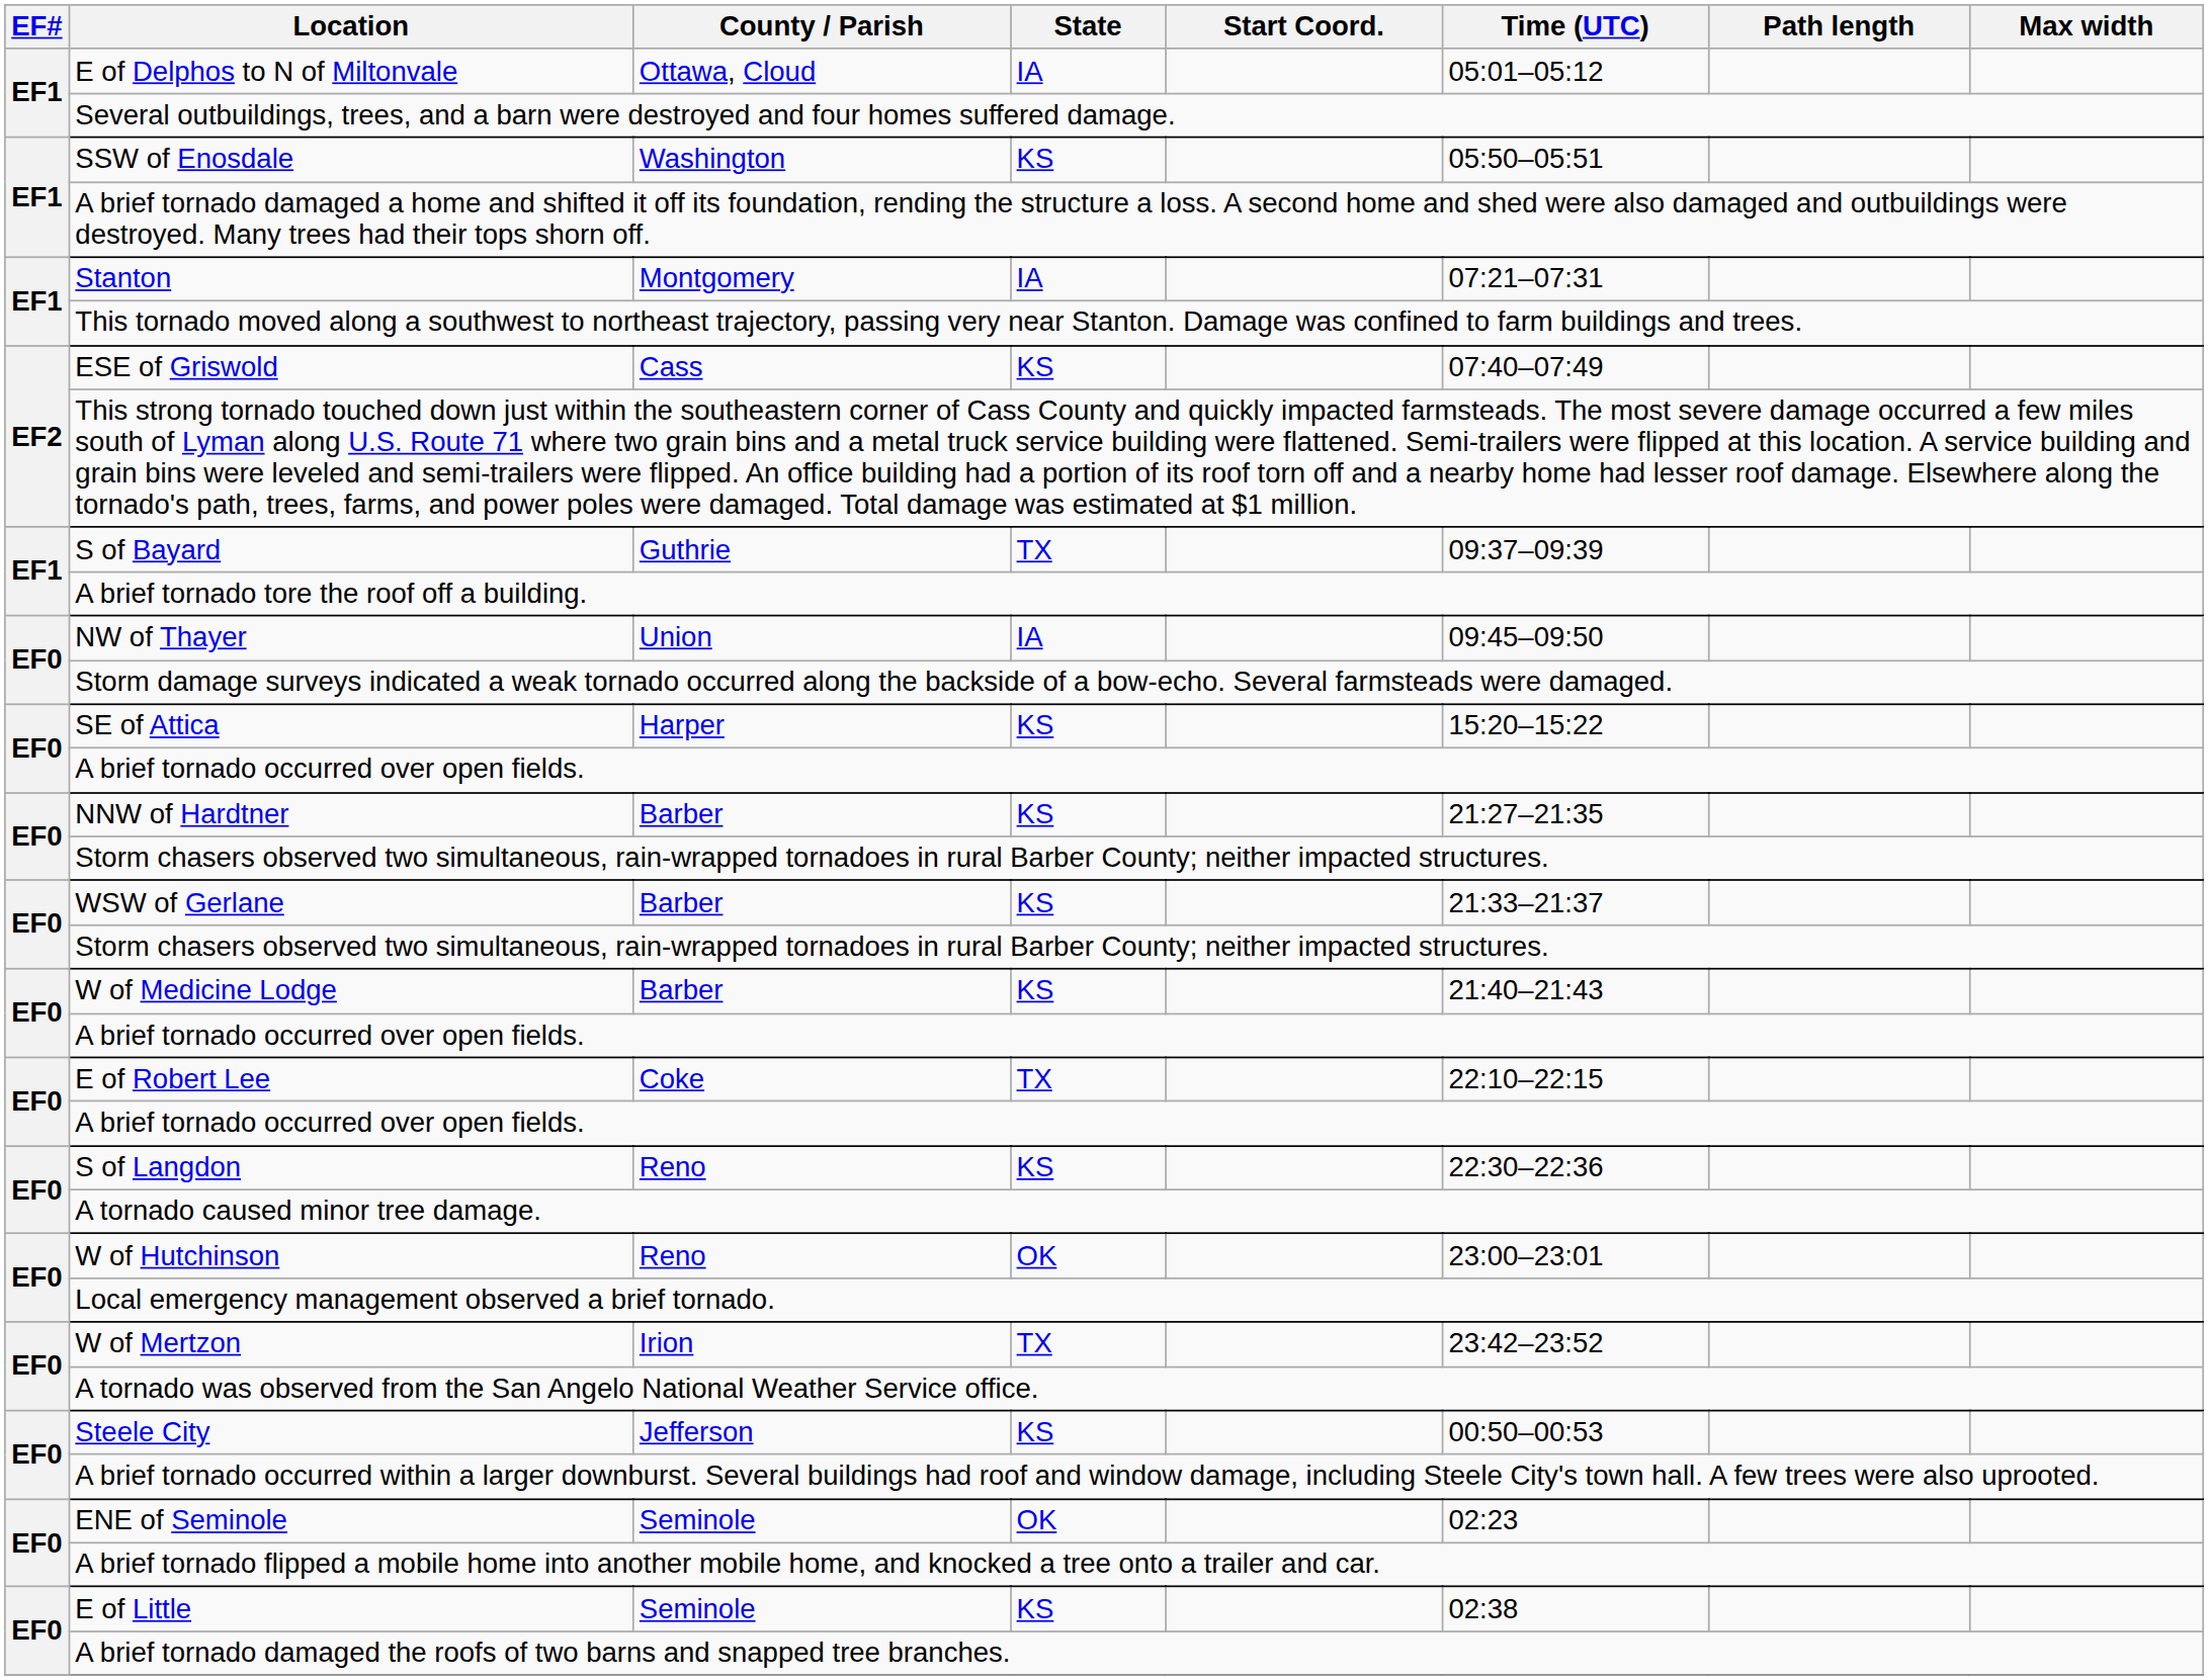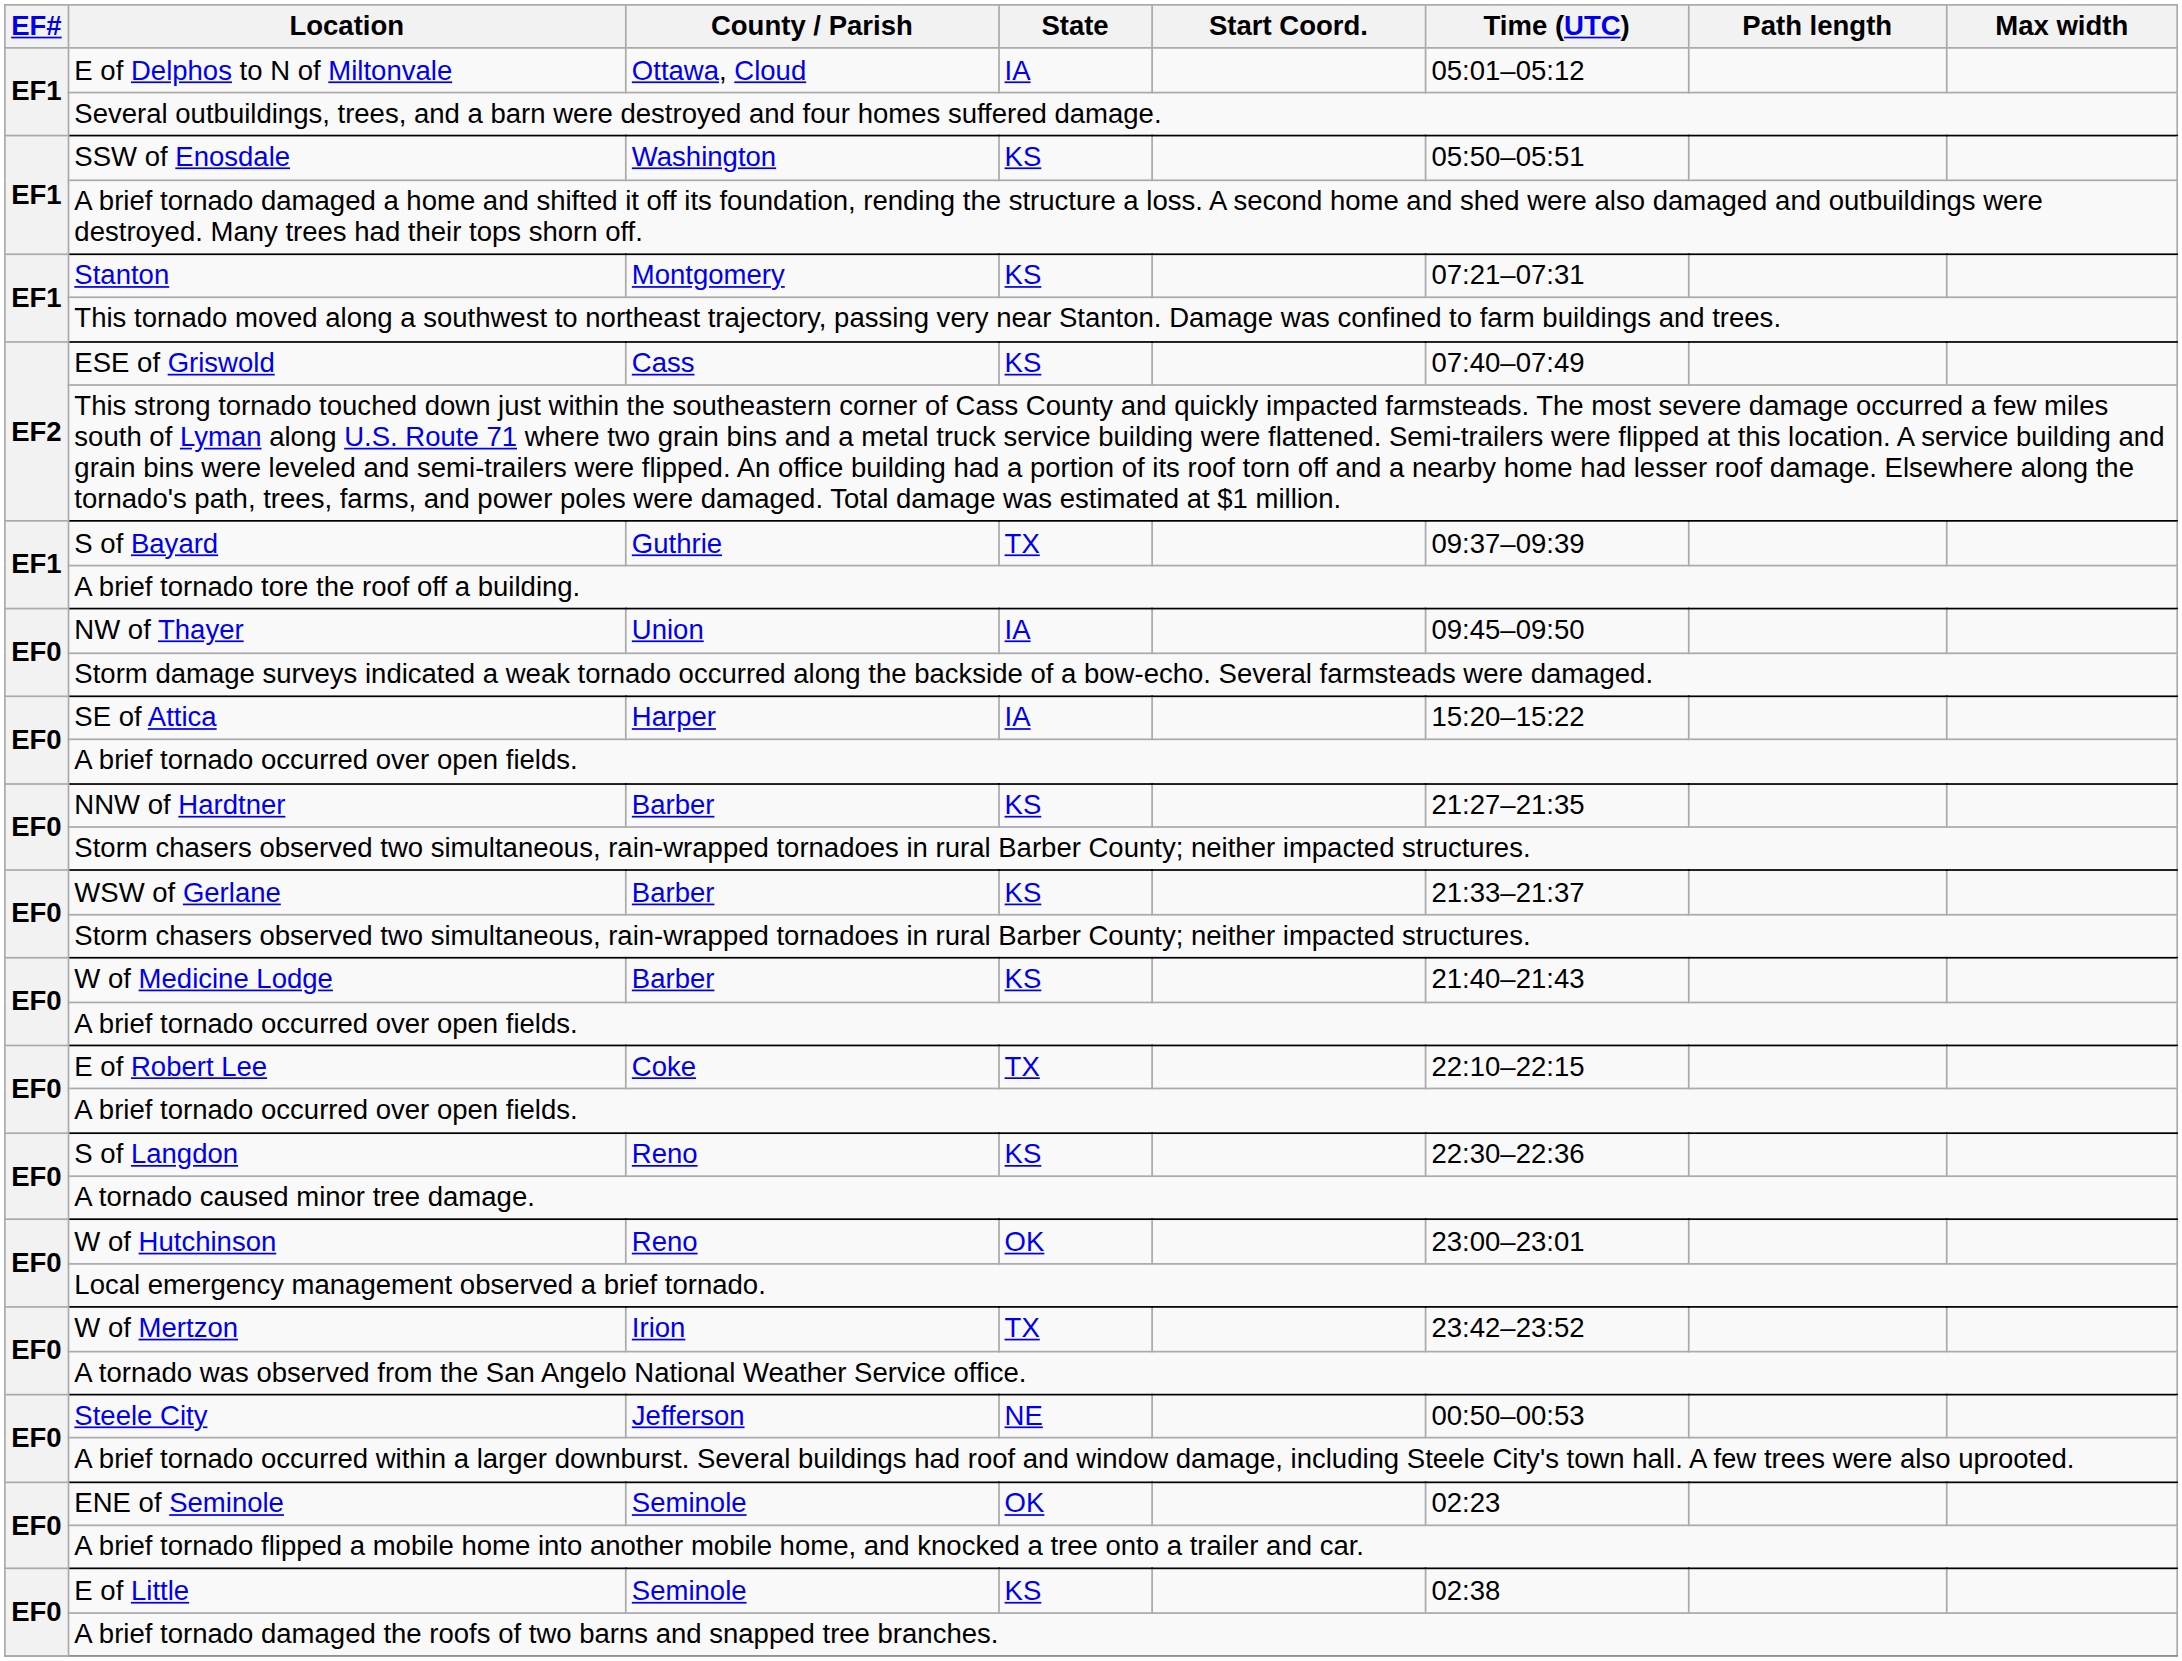 <table class="wikitable sortable" style="width:100%;">
 <tr>
 <th scope="col" width="2%" align="center"><a href='#'>EF#</a></th>
 <th scope="col" align="center" class="unsortable">Location</th>
 <th scope="col" align="center" class="unsortable">County / Parish</th>
 <th scope="col" align="center">State</th>
 <th scope="col" align="center">Start Coord.</th>
 <th scope="col" align="center">Time (<a href='#'>UTC</a>)</th>
 <th scope="col" align="center">Path length</th>
 <th scope="col" align="center">Max width</th>
 </tr>
 <tr>
 <th scope="row" rowspan="2" style="background-color:#">EF1</th>
 <td>E of <a href='#'>Delphos</a> to N of <a href='#'>Miltonvale</a></td>
 <td><a href='#'>Ottawa</a>, <a href='#'>Cloud</a></td>
 <td><a href='#'>IA</a></td>
 <td></td>
 <td>05:01–05:12</td>
 <td></td>
 <td></td>
 </tr>
 <tr class="expand-child">
 <td colspan="8" style="border-bottom: 1px solid black">Several outbuildings, trees, and a barn were destroyed and four homes suffered damage.</td>
 </tr>
 <tr>
 <th scope="row" rowspan="2" style="background-color:#">EF1</th>
 <td>SSW of <a href='#'>Enosdale</a></td>
 <td><a href='#'>Washington</a></td>
 <td><a href='#'>KS</a></td>
 <td></td>
 <td>05:50–05:51</td>
 <td></td>
 <td></td>
 </tr>
 <tr class="expand-child">
 <td colspan="8" style="border-bottom: 1px solid black">A brief tornado damaged a home and shifted it off its foundation, rending the structure a loss. A second home and shed were also damaged and outbuildings were destroyed. Many trees had their tops shorn off.</td>
 </tr>
 <tr>
 <th scope="row" rowspan="2" style="background-color:#">EF1</th>
 <td><a href='#'>Stanton</a></td>
 <td><a href='#'>Montgomery</a></td>
-<td><a href='#'>IA</a></td>
+<td><a href='#'>KS</a></td>
 <td></td>
 <td>07:21–07:31</td>
 <td></td>
 <td></td>
 </tr>
 <tr class="expand-child">
 <td colspan="8" style="border-bottom: 1px solid black">This tornado moved along a southwest to northeast trajectory, passing very near Stanton. Damage was confined to farm buildings and trees.</td>
 </tr>
 <tr>
 <th scope="row" rowspan="2" style="background-color:#">EF2</th>
 <td>ESE of <a href='#'>Griswold</a></td>
 <td><a href='#'>Cass</a></td>
 <td><a href='#'>KS</a></td>
 <td></td>
 <td>07:40–07:49</td>
 <td></td>
 <td></td>
 </tr>
 <tr class="expand-child">
 <td colspan="8" style="border-bottom: 1px solid black">This strong tornado touched down just within the southeastern corner of Cass County and quickly impacted farmsteads. The most severe damage occurred a few miles south of <a href='#'>Lyman</a> along <a href='#'>U.S. Route 71</a> where two grain bins and a metal truck service building were flattened. Semi-trailers were flipped at this location. A service building and grain bins were leveled and semi-trailers were flipped. An office building had a portion of its roof torn off and a nearby home had lesser roof damage. Elsewhere along the tornado's path, trees, farms, and power poles were damaged. Total damage was estimated at $1 million.</td>
 </tr>
 <tr>
 <th scope="row" rowspan="2" style="background-color:#">EF1</th>
 <td>S of <a href='#'>Bayard</a></td>
 <td><a href='#'>Guthrie</a></td>
 <td><a href='#'>TX</a></td>
 <td></td>
 <td>09:37–09:39</td>
 <td></td>
 <td></td>
 </tr>
 <tr class="expand-child">
 <td colspan="8" style="border-bottom: 1px solid black">A brief tornado tore the roof off a building.</td>
 </tr>
 <tr>
 <th scope="row" rowspan="2" style="background-color:#">EF0</th>
 <td>NW of <a href='#'>Thayer</a></td>
 <td><a href='#'>Union</a></td>
 <td><a href='#'>IA</a></td>
 <td></td>
 <td>09:45–09:50</td>
 <td></td>
 <td></td>
 </tr>
 <tr class="expand-child">
 <td colspan="8" style="border-bottom: 1px solid black">Storm damage surveys indicated a weak tornado occurred along the backside of a bow-echo. Several farmsteads were damaged.</td>
 </tr>
 <tr>
 <th scope="row" rowspan="2" style="background-color:#">EF0</th>
 <td>SE of <a href='#'>Attica</a></td>
 <td><a href='#'>Harper</a></td>
-<td><a href='#'>KS</a></td>
+<td><a href='#'>IA</a></td>
 <td></td>
 <td>15:20–15:22</td>
 <td></td>
 <td></td>
 </tr>
 <tr class="expand-child">
 <td colspan="8" style="border-bottom: 1px solid black">A brief tornado occurred over open fields.</td>
 </tr>
 <tr>
 <th scope="row" rowspan="2" style="background-color:#">EF0</th>
 <td>NNW of <a href='#'>Hardtner</a></td>
 <td><a href='#'>Barber</a></td>
 <td><a href='#'>KS</a></td>
 <td></td>
 <td>21:27–21:35</td>
 <td></td>
 <td></td>
 </tr>
 <tr class="expand-child">
 <td colspan="8" style="border-bottom: 1px solid black">Storm chasers observed two simultaneous, rain-wrapped tornadoes in rural Barber County; neither impacted structures.</td>
 </tr>
 <tr>
 <th scope="row" rowspan="2" style="background-color:#">EF0</th>
 <td>WSW of <a href='#'>Gerlane</a></td>
 <td><a href='#'>Barber</a></td>
 <td><a href='#'>KS</a></td>
 <td></td>
 <td>21:33–21:37</td>
 <td></td>
 <td></td>
 </tr>
 <tr class="expand-child">
 <td colspan="8" style="border-bottom: 1px solid black">Storm chasers observed two simultaneous, rain-wrapped tornadoes in rural Barber County; neither impacted structures.</td>
 </tr>
 <tr>
 <th scope="row" rowspan="2" style="background-color:#">EF0</th>
 <td>W of <a href='#'>Medicine Lodge</a></td>
 <td><a href='#'>Barber</a></td>
 <td><a href='#'>KS</a></td>
 <td></td>
 <td>21:40–21:43</td>
 <td></td>
 <td></td>
 </tr>
 <tr class="expand-child">
 <td colspan="8" style="border-bottom: 1px solid black">A brief tornado occurred over open fields.</td>
 </tr>
 <tr>
 <th scope="row" rowspan="2" style="background-color:#">EF0</th>
 <td>E of <a href='#'>Robert Lee</a></td>
 <td><a href='#'>Coke</a></td>
 <td><a href='#'>TX</a></td>
 <td></td>
 <td>22:10–22:15</td>
 <td></td>
 <td></td>
 </tr>
 <tr class="expand-child">
 <td colspan="8" style="border-bottom: 1px solid black">A brief tornado occurred over open fields.</td>
 </tr>
 <tr>
 <th scope="row" rowspan="2" style="background-color:#">EF0</th>
 <td>S of <a href='#'>Langdon</a></td>
 <td><a href='#'>Reno</a></td>
 <td><a href='#'>KS</a></td>
 <td></td>
 <td>22:30–22:36</td>
 <td></td>
 <td></td>
 </tr>
 <tr class="expand-child">
 <td colspan="8" style="border-bottom: 1px solid black">A tornado caused minor tree damage.</td>
 </tr>
 <tr>
 <th scope="row" rowspan="2" style="background-color:#">EF0</th>
 <td>W of <a href='#'>Hutchinson</a></td>
 <td><a href='#'>Reno</a></td>
 <td><a href='#'>OK</a></td>
 <td></td>
 <td>23:00–23:01</td>
 <td></td>
 <td></td>
 </tr>
 <tr class="expand-child">
 <td colspan="8" style="border-bottom: 1px solid black">Local emergency management observed a brief tornado.</td>
 </tr>
 <tr>
 <th scope="row" rowspan="2" style="background-color:#">EF0</th>
 <td>W of <a href='#'>Mertzon</a></td>
 <td><a href='#'>Irion</a></td>
 <td><a href='#'>TX</a></td>
 <td></td>
 <td>23:42–23:52</td>
 <td></td>
 <td></td>
 </tr>
 <tr class="expand-child">
 <td colspan="8" style="border-bottom: 1px solid black">A tornado was observed from the San Angelo National Weather Service office.</td>
 </tr>
 <tr>
 <th scope="row" rowspan="2" style="background-color:#">EF0</th>
 <td><a href='#'>Steele City</a></td>
 <td><a href='#'>Jefferson</a></td>
-<td><a href='#'>KS</a></td>
+<td><a href='#'>NE</a></td>
 <td></td>
 <td>00:50–00:53</td>
 <td></td>
 <td></td>
 </tr>
 <tr class="expand-child">
 <td colspan="8" style="border-bottom: 1px solid black">A brief tornado occurred within a larger downburst. Several buildings had roof and window damage, including Steele City's town hall. A few trees were also uprooted.</td>
 </tr>
 <tr>
 <th scope="row" rowspan="2" style="background-color:#">EF0</th>
 <td>ENE of <a href='#'>Seminole</a></td>
 <td><a href='#'>Seminole</a></td>
 <td><a href='#'>OK</a></td>
 <td></td>
 <td>02:23</td>
 <td></td>
 <td></td>
 </tr>
 <tr class="expand-child">
 <td colspan="8" style="border-bottom: 1px solid black">A brief tornado flipped a mobile home into another mobile home, and knocked a tree onto a trailer and car.</td>
 </tr>
 <tr>
 <th scope="row" rowspan="2" style="background-color:#">EF0</th>
 <td>E of <a href='#'>Little</a></td>
 <td><a href='#'>Seminole</a></td>
 <td><a href='#'>KS</a></td>
 <td></td>
 <td>02:38</td>
 <td></td>
 <td></td>
 </tr>
 <tr class="expand-child">
 <td colspan="8" style="border-bottom: 1px solid black">A brief tornado damaged the roofs of two barns and snapped tree branches.</td>
 </tr>
 <tr>
 </tr>
 </table>
